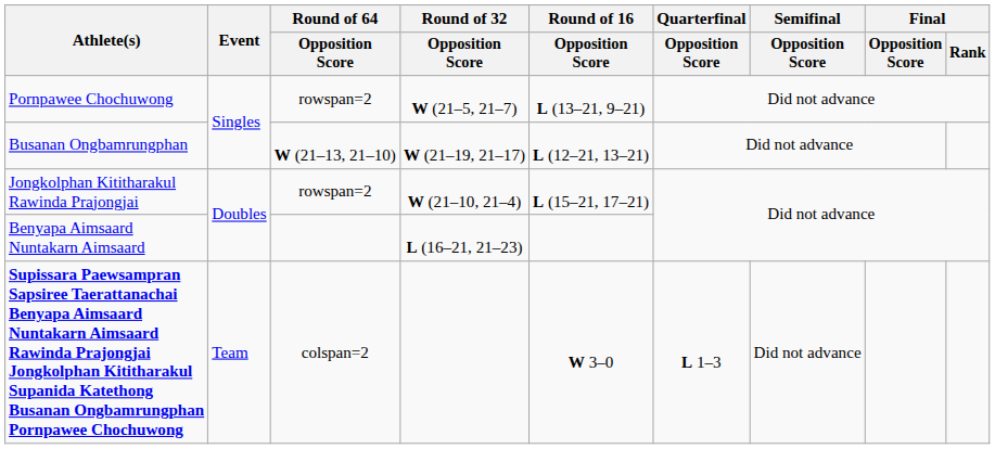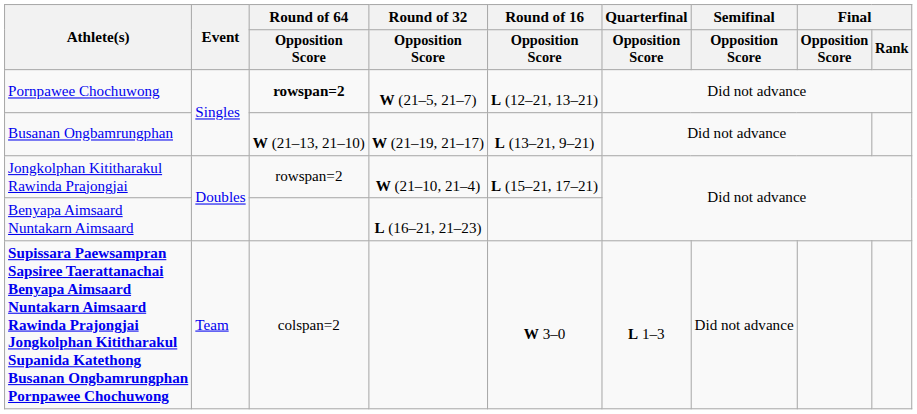 <table class="wikitable" style="font-size:90%">
 <tr>
 <th rowspan=2>Athlete(s)</th>
 <th rowspan=2>Event</th>
 <th>Round of 64</th>
 <th>Round of 32</th>
 <th>Round of 16</th>
 <th>Quarterfinal</th>
 <th>Semifinal</th>
 <th colspan=2>Final</th>
 </tr>
 <tr style="font-size:95%">
 <th>Opposition<br>Score</th>
 <th>Opposition<br>Score</th>
 <th>Opposition<br>Score</th>
 <th>Opposition<br>Score</th>
 <th>Opposition<br>Score</th>
 <th>Opposition<br>Score</th>
 <th>Rank</th>
 </tr>
 <tr align=center>
 <td align=left><a href='#'>Pornpawee Chochuwong</a></td>
 <td align=left rowspan="2"><a href='#'>Singles</a></td>
-<td>rowspan=2 </td>
+<td><strong>rowspan=2 </strong></td>
 <td> <br><strong>W</strong> (21–5, 21–7)</td>
-<td> <br><strong>L</strong> (13–21, 9–21)</td>
+<td> <br><strong>L</strong> (12–21, 13–21)</td>
 <td colspan=4>Did not advance</td>
 </tr>
 <tr align=center>
 <td align=left><a href='#'>Busanan Ongbamrungphan</a></td>
 <td> <br><strong>W</strong> (21–13, 21–10)</td>
 <td> <br><strong>W</strong> (21–19, 21–17)</td>
-<td> <br><strong>L</strong> (12–21, 13–21)</td>
+<td> <br><strong>L</strong> (13–21, 9–21)</td>
 <td colspan=3>Did not advance</td>
 </tr>
 <tr align=center>
 <td align=left><a href='#'>Jongkolphan Kititharakul</a><br><a href='#'>Rawinda Prajongjai</a></td>
 <td align=left rowspan="2"><a href='#'>Doubles</a></td>
 <td>rowspan=2 </td>
 <td> <br><strong>W</strong> (21–10, 21–4)</td>
 <td> <br><strong>L</strong> (15–21, 17–21)</td>
 <td rowspan=2 colspan=4>Did not advance</td>
 </tr>
 <tr align=center>
 <td align=left><a href='#'>Benyapa Aimsaard</a><br><a href='#'>Nuntakarn Aimsaard</a></td>
 <td></td>
 <td> <br><strong>L</strong> (16–21, 21–23)</td>
 </tr>
 <tr align=center>
 <td align=left><strong><a href='#'>Supissara Paewsampran</a><br><a href='#'>Sapsiree Taerattanachai</a><br><a href='#'>Benyapa Aimsaard</a><br><a href='#'>Nuntakarn Aimsaard</a><br><a href='#'>Rawinda Prajongjai</a><br><a href='#'>Jongkolphan Kititharakul</a><br><a href='#'>Supanida Katethong</a><br><a href='#'>Busanan Ongbamrungphan</a><br><a href='#'>Pornpawee Chochuwong</a></strong></td>
 <td align=left><a href='#'>Team</a></td>
 <td>colspan=2 </td>
 <td></td>
 <td> <br><strong>W</strong> 3–0</td>
 <td> <br><strong>L</strong> 1–3</td>
 <td>Did not advance</td>
 <td></td>
 </tr>
 </table>
